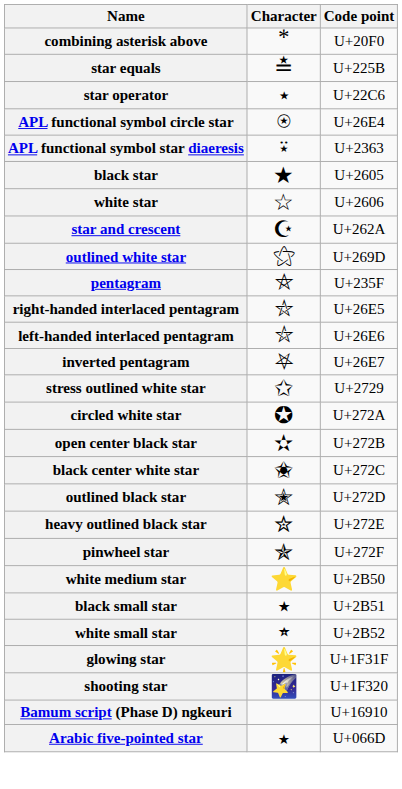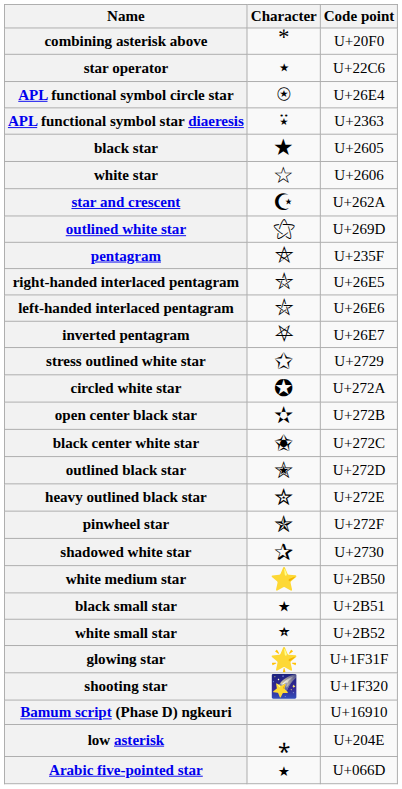 <table class="wikitable" style="text-align:center;">
 <tr>
 <th>Name</th>
 <th>Character</th>
 <th>Code point</th>
 </tr>
 <tr>
 <th>combining asterisk above</th>
 <td style="font-size:150%; padding:0">⃰</td>
 <td>U+20F0</td>
-</tr>
-<tr>
-<th>star equals</th>
-<td style="font-size:150%; padding:0">≛</td>
-<td>U+225B</td>
 </tr>
 <tr>
 <th>star operator</th>
 <td style="font-size:150%; padding:0">⋆</td>
 <td>U+22C6</td>
 </tr>
 <tr>
 <th><a href='#'>APL</a> functional symbol circle star</th>
 <td style="font-size:150%; padding:0">⍟</td>
 <td>U+26E4</td>
 </tr>
 <tr>
 <th><a href='#'>APL</a> functional symbol star <a href='#'>diaeresis</a></th>
 <td style="font-size:150%; padding:0">⍣</td>
 <td>U+2363</td>
 </tr>
 <tr>
 <th>black star</th>
 <td style="font-size:150%; padding:0">★</td>
 <td>U+2605</td>
 </tr>
 <tr>
 <th>white star</th>
 <td style="font-size:150%; padding:0">☆</td>
 <td>U+2606</td>
 </tr>
 <tr>
 <th><a href='#'>star and crescent</a></th>
 <td style="font-size:150%; padding:0">☪</td>
 <td>U+262A</td>
 </tr>
 <tr>
 <th><a href='#'>outlined white star</a></th>
 <td style="font-size:150%; padding:0"><span><span>⚝</span></span></td>
 <td>U+269D</td>
 </tr>
 <tr>
 <th><a href='#'>pentagram</a></th>
 <td style="font-size:150%; padding:0"><span><span>⛤</span></span></td>
 <td>U+235F</td>
 </tr>
 <tr>
 <th>right-handed interlaced pentagram</th>
 <td style="font-size:150%; padding:0"><span><span>⛥</span></span></td>
 <td>U+26E5</td>
 </tr>
 <tr>
 <th>left-handed interlaced pentagram</th>
 <td style="font-size:150%; padding:0"><span><span>⛦</span></span></td>
 <td>U+26E6</td>
 </tr>
 <tr>
 <th>inverted pentagram</th>
 <td style="font-size:150%; padding:0"><span><span>⛧</span></span></td>
 <td>U+26E7</td>
 </tr>
 <tr>
 <th>stress outlined white star</th>
 <td style="font-size:150%; padding:0">✩</td>
 <td>U+2729</td>
 </tr>
 <tr>
 <th>circled white star</th>
 <td style="font-size:150%; padding:0">✪</td>
 <td>U+272A</td>
 </tr>
 <tr>
 <th>open center black star</th>
 <td style="font-size:150%; padding:0">✫</td>
 <td>U+272B</td>
 </tr>
 <tr>
 <th>black center white star</th>
 <td style="font-size:150%; padding:0">✬</td>
 <td>U+272C</td>
 </tr>
 <tr>
 <th>outlined black star</th>
 <td style="font-size:150%; padding:0">✭</td>
 <td>U+272D</td>
 </tr>
 <tr>
 <th>heavy outlined black star</th>
 <td style="font-size:150%; padding:0">✮</td>
 <td>U+272E</td>
 </tr>
 <tr>
 <th>pinwheel star</th>
 <td style="font-size:150%; padding:0">✯</td>
 <td>U+272F</td>
 </tr>
 <tr>
+<th>shadowed white star</th>
+<td style="font-size:150%; padding:0">✰</td>
+<td>U+2730</td>
+</tr>
+<tr>
 <th>white medium star</th>
 <td style="font-size:150%; padding:0">⭐</td>
 <td>U+2B50</td>
 </tr>
 <tr>
 <th>black small star</th>
 <td style="font-size:150%; padding:0">⭑</td>
 <td>U+2B51</td>
 </tr>
 <tr>
 <th>white small star</th>
 <td style="font-size:150%; padding:0">⭒</td>
 <td>U+2B52</td>
 </tr>
 <tr>
 <th>glowing star</th>
 <td style="font-size:150%; padding:0">🌟</td>
 <td>U+1F31F</td>
 </tr>
 <tr>
 <th>shooting star</th>
 <td style="font-size:150%; padding:0">🌠</td>
 <td>U+1F320</td>
 </tr>
 <tr>
 <th><a href='#'>Bamum script</a> (Phase D) ngkeuri</th>
 <td style="font-size:150%; padding:0"></td>
 <td>U+16910</td>
 </tr>
 <tr>
+<th>low <a href='#'>asterisk</a></th>
+<td style="font-size:150%; padding:0">⁎</td>
+<td>U+204E</td>
+</tr>
+<tr>
 <th><a href='#'>Arabic five-pointed star</a></th>
 <td style="font-size:150%; padding:0;font-family:DejaVu Sans,FreeSerif,Scheherazade,DejaVu Sans Mono,Microsoft Sans Serif,Segoe UI,Code2000,Courier New,FreeMono,Unifont">٭</td>
 <td>U+066D</td>
 </tr>
 </table>
